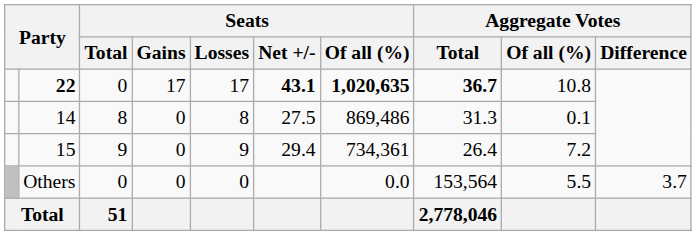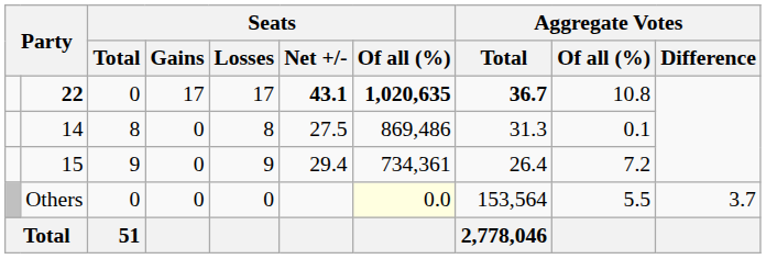 <table class="wikitable sortable" style="text-align:right; font-size:95%;">
 <tr>
 <th colspan="2" rowspan="2">Party</th>
 <th colspan="5">Seats</th>
 <th colspan="3">Aggregate Votes</th>
 </tr>
 <tr>
 <th>Total</th>
 <th>Gains</th>
 <th>Losses</th>
 <th>Net +/-</th>
 <th>Of all (%)</th>
 <th>Total</th>
 <th>Of all (%)</th>
 <th>Difference</th>
 </tr>
 <tr>
 <td></td>
 <td><strong>22</strong></td>
 <td>0</td>
 <td>17</td>
 <td>17</td>
 <td><strong>43.1</strong></td>
 <td><strong>1,020,635</strong></td>
 <td><strong>36.7</strong></td>
 <td>10.8</td>
 </tr>
 <tr>
 <td></td>
 <td>14</td>
 <td>8</td>
 <td>0</td>
 <td>8</td>
 <td>27.5</td>
 <td>869,486</td>
 <td>31.3</td>
 <td>0.1</td>
 </tr>
 <tr>
 <td></td>
 <td>15</td>
 <td>9</td>
 <td>0</td>
 <td>9</td>
 <td>29.4</td>
 <td>734,361</td>
 <td>26.4</td>
 <td>7.2</td>
 </tr>
 <tr>
 <td style="background:silver;"> </td>
 <td align=left>Others</td>
 <td>0</td>
 <td>0</td>
 <td>0</td>
 <td></td>
-<td>0.0</td>
+<td style="background: lightyellow;">0.0</td>
 <td>153,564</td>
 <td>5.5</td>
 <td>3.7</td>
 </tr>
 <tr class="sortbottom">
 <th colspan="2" style="background:#f2f2f2"><strong>Total</strong></th>
 <td style="background:#f2f2f2;"><strong>51</strong></td>
 <td style="background:#f2f2f2;"></td>
 <td style="background:#f2f2f2;"></td>
 <td style="background:#f2f2f2;"></td>
 <td style="background:#f2f2f2;"></td>
 <td style="background:#f2f2f2;"><strong>2,778,046</strong></td>
 <td style="background:#f2f2f2;"></td>
 <td style="background:#f2f2f2;"></td>
 </tr>
 </table>
